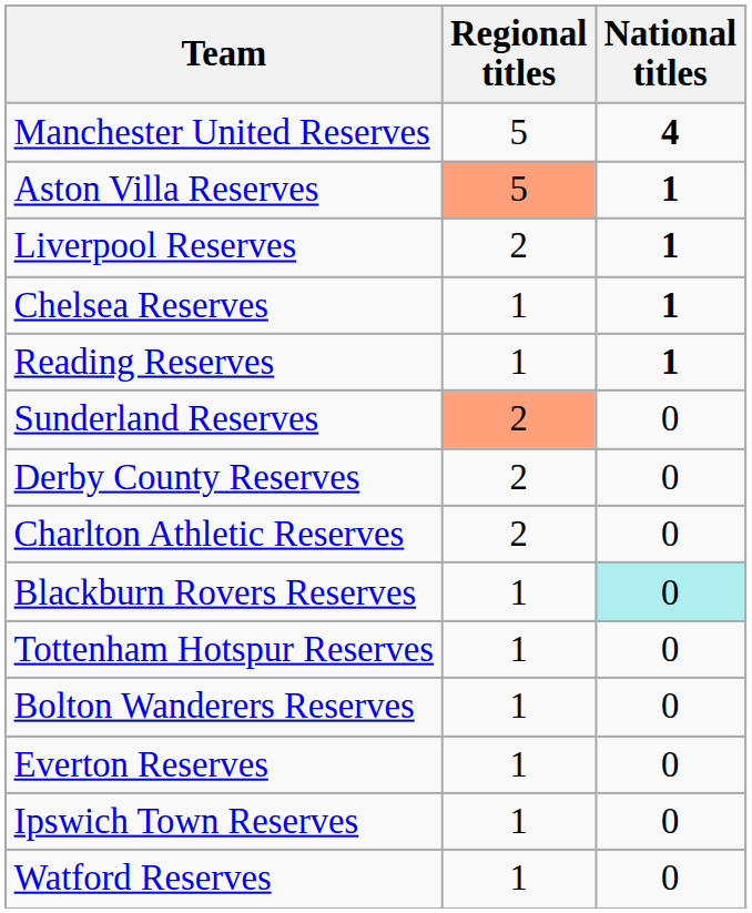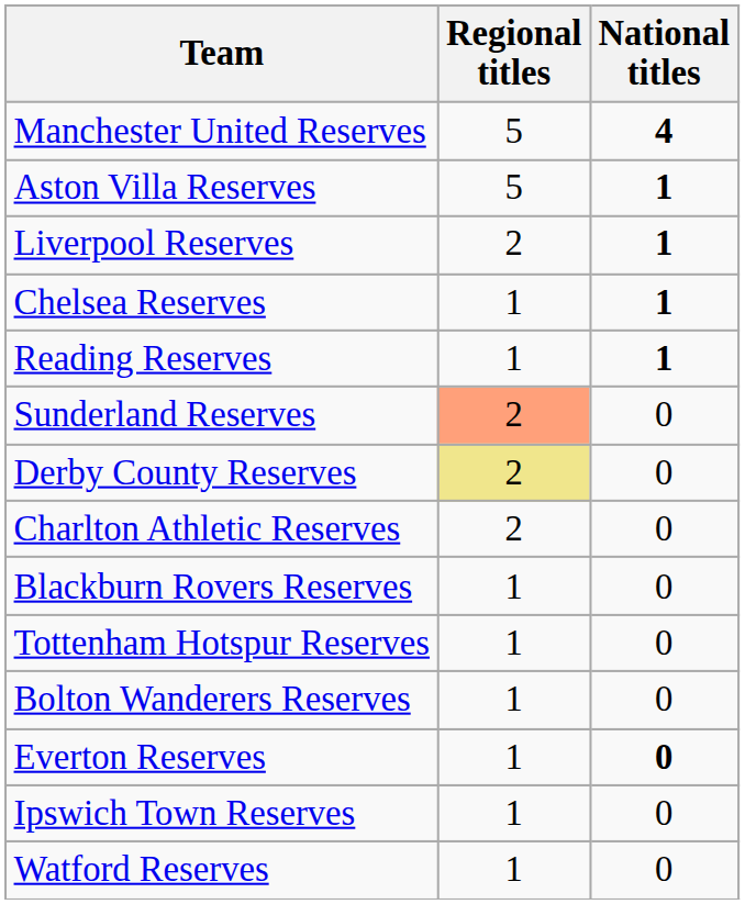 <table class="wikitable sortable" style="text-align:center">
 <tr>
 <th>Team</th>
 <th>Regional<br>titles</th>
 <th>National<br>titles</th>
 </tr>
 <tr>
 <td align=left><a href='#'>Manchester United Reserves</a></td>
 <td>5</td>
 <td><strong>4</strong></td>
 </tr>
 <tr>
 <td align=left><a href='#'>Aston Villa Reserves</a></td>
-<td style="background: lightsalmon;">5</td>
+<td>5</td>
 <td><strong>1</strong></td>
 </tr>
 <tr>
 <td align=left><a href='#'>Liverpool Reserves</a></td>
 <td>2</td>
 <td><strong>1</strong></td>
 </tr>
 <tr>
 <td align=left><a href='#'>Chelsea Reserves</a></td>
 <td>1</td>
 <td><strong>1</strong></td>
 </tr>
 <tr>
 <td align=left><a href='#'>Reading Reserves</a></td>
 <td>1</td>
 <td><strong>1</strong></td>
 </tr>
 <tr>
 <td align=left><a href='#'>Sunderland Reserves</a></td>
 <td style="background: lightsalmon;">2</td>
 <td>0</td>
 </tr>
 <tr>
 <td align=left><a href='#'>Derby County Reserves</a></td>
-<td>2</td>
+<td style="background: khaki;">2</td>
 <td>0</td>
 </tr>
 <tr>
 <td align=left><a href='#'>Charlton Athletic Reserves</a></td>
 <td>2</td>
 <td>0</td>
 </tr>
 <tr>
 <td align=left><a href='#'>Blackburn Rovers Reserves</a></td>
 <td>1</td>
-<td style="background: paleturquoise;">0</td>
+<td>0</td>
 </tr>
 <tr>
 <td align=left><a href='#'>Tottenham Hotspur Reserves</a></td>
 <td>1</td>
 <td>0</td>
 </tr>
 <tr>
 <td align=left><a href='#'>Bolton Wanderers Reserves</a></td>
 <td>1</td>
 <td>0</td>
 </tr>
 <tr>
 <td align=left><a href='#'>Everton Reserves</a></td>
 <td>1</td>
-<td>0</td>
+<td><strong>0</strong></td>
 </tr>
 <tr>
 <td align=left><a href='#'>Ipswich Town Reserves</a></td>
 <td>1</td>
 <td>0</td>
 </tr>
 <tr>
 <td align=left><a href='#'>Watford Reserves</a></td>
 <td>1</td>
 <td>0</td>
 </tr>
 <tr>
 </tr>
 </table>
